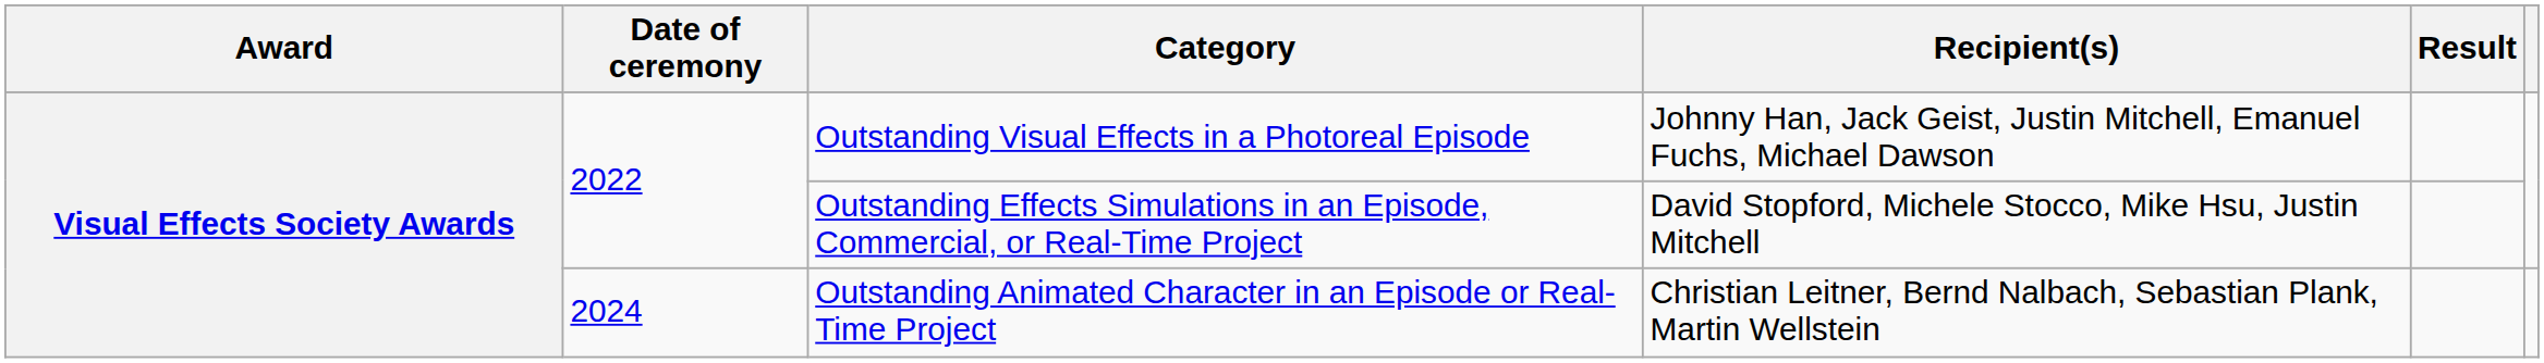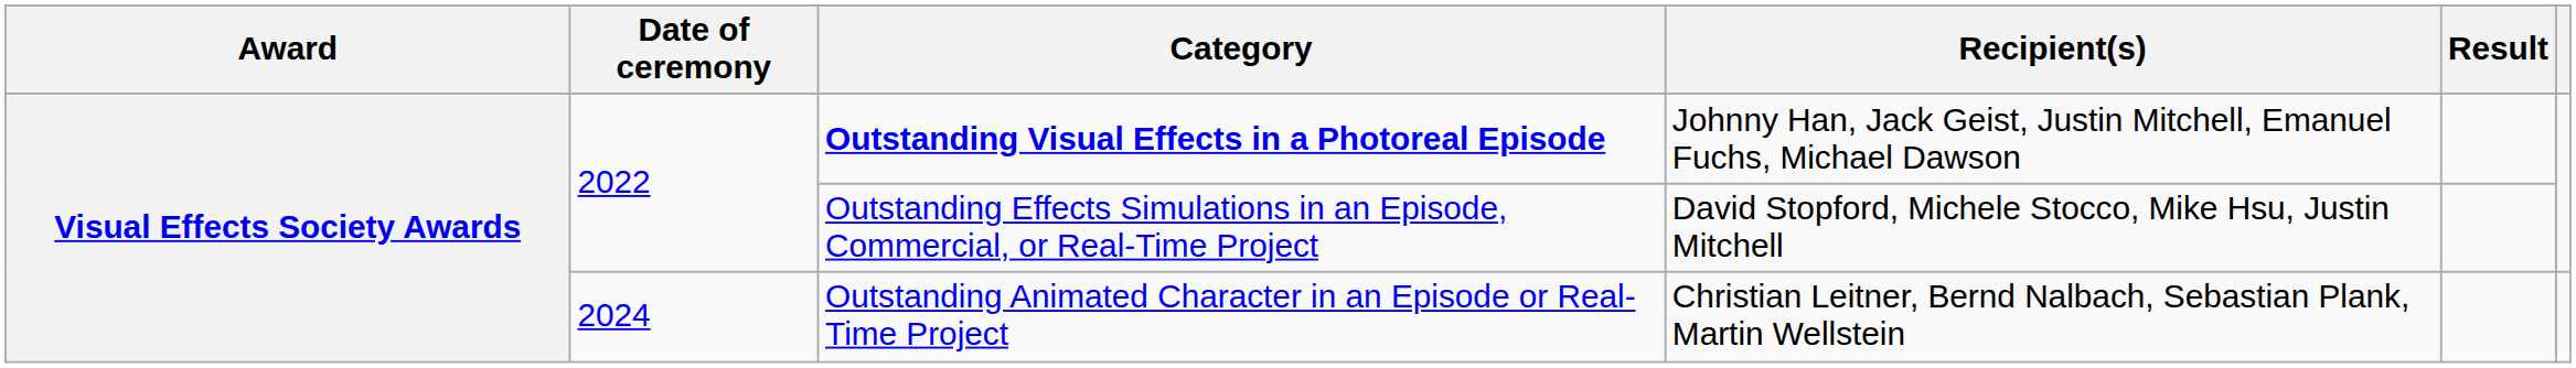 <table class="wikitable sortable plainrowheaders" style="width: 99%">
 <tr>
 <th scope="col" style="width:22%;">Award</th>
 <th scope="col">Date of ceremony</th>
 <th scope="col">Category</th>
 <th scope="col">Recipient(s)</th>
 <th scope="col">Result</th>
 <th scope="col" class="unsortable"></th>
 </tr>
 <tr>
 <th rowspan="3" scope="row" style="text-align:center;"><a href='#'>Visual Effects Society Awards</a></th>
 <td rowspan="2"><a href='#'>2022</a></td>
-<td><a href='#'>Outstanding Visual Effects in a Photoreal Episode</a></td>
+<td><strong><a href='#'>Outstanding Visual Effects in a Photoreal Episode</a></strong></td>
 <td>Johnny Han, Jack Geist, Justin Mitchell, Emanuel Fuchs, Michael Dawson </td>
 <td></td>
 <td rowspan="2" style="text-align:center;"></td>
 </tr>
 <tr>
 <td><a href='#'>Outstanding Effects Simulations in an Episode, Commercial, or Real-Time Project</a></td>
 <td>David Stopford, Michele Stocco, Mike Hsu, Justin Mitchell</td>
 <td></td>
 </tr>
 <tr>
 <td><a href='#'>2024</a></td>
 <td><a href='#'>Outstanding Animated Character in an Episode or Real-Time Project</a></td>
 <td>Christian Leitner, Bernd Nalbach, Sebastian Plank, Martin Wellstein </td>
 <td></td>
 <td style="text-align:center;"></td>
 </tr>
 </table>
